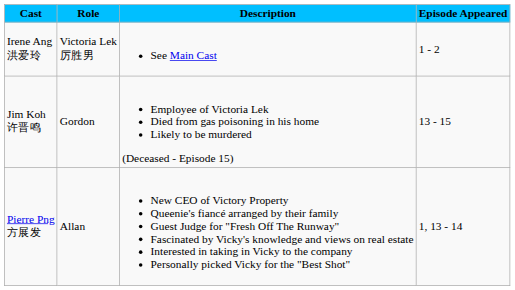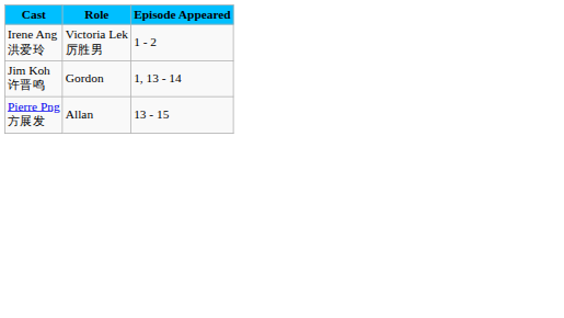 <table class="wikitable">
 <tr>
 <th style="background:#00BFFF;">Cast</th>
 <th style="background:#00BFFF;">Role</th>
-<th style="background:#00BFFF;">Description</th>
 <th style="background:#00BFFF;">Episode Appeared</th>
 </tr>
 <tr>
 <td>Irene Ang <br> 洪爱玲</td>
 <td>Victoria Lek <br> 厉胜男</td>
-<td><br><ul><li>See <a href='#'>Main Cast</a></li></ul></td>
 <td>1 - 2</td>
 </tr>
 <tr>
 <td>Jim Koh <br> 许晋鸣</td>
 <td>Gordon</td>
-<td><br><ul><li>Employee of Victoria Lek</li><li>Died from gas poisoning in his home</li><li>Likely to be murdered</li></ul>(Deceased - Episode 15)</td>
-<td>13 - 15</td>
+<td>1, 13 - 14</td>
 </tr>
 <tr>
 <td><a href='#'>Pierre Png</a> <br> 方展发</td>
 <td>Allan</td>
-<td><br><ul><li>New CEO of Victory Property</li><li>Queenie's fiancé arranged by their family</li><li>Guest Judge for "Fresh Off The Runway"</li><li>Fascinated by Vicky's knowledge and views on real estate</li><li>Interested in taking in Vicky to the company</li><li>Personally picked Vicky for the "Best Shot"</li></ul></td>
-<td>1, 13 - 14</td>
+<td>13 - 15</td>
 </tr>
 </table>
